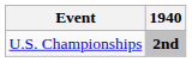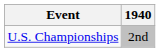 <table class="wikitable">
 <tr>
 <th>Event</th>
 <th>1940</th>
 </tr>
 <tr>
 <td><a href='#'>U.S. Championships</a></td>
-<td align="center" bgcolor="silver"><strong>2nd</strong></td>
+<td align="center" bgcolor="silver">2nd</td>
 </tr>
 </table>
